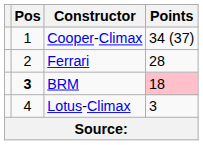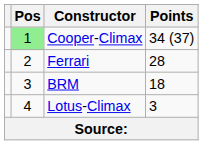 <table class="wikitable" style="font-size: 95%;">
 <tr>
 <th></th>
 <th>Pos</th>
 <th>Constructor</th>
 <th>Points</th>
 </tr>
 <tr>
 <td align="left"></td>
-<td align="center">1</td>
+<td align="center" style="background: lightgreen;">1</td>
 <td> <a href='#'>Cooper</a>-<a href='#'>Climax</a></td>
 <td align=left>34 (37)</td>
 </tr>
 <tr>
 <td align="left"></td>
 <td align="center">2</td>
 <td> <a href='#'>Ferrari</a></td>
 <td align=left>28</td>
 </tr>
 <tr>
 <td align="left"></td>
-<td align="center"><strong>3</strong></td>
+<td align="center">3</td>
 <td> <a href='#'>BRM</a></td>
-<td align=left style="background: pink;">18</td>
+<td align=left>18</td>
 </tr>
 <tr>
 <td align="left"></td>
 <td align="center">4</td>
 <td> <a href='#'>Lotus</a>-<a href='#'>Climax</a></td>
 <td align=left>3</td>
 </tr>
 <tr>
 <th colspan=4>Source:</th>
 </tr>
 </table>
